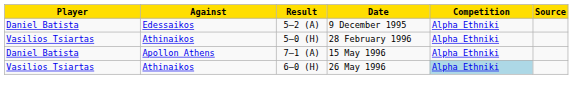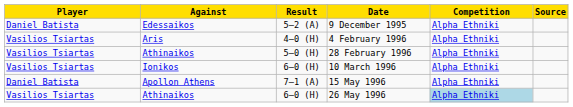 <table class="wikitable">
 <tr>
 <th width=200 style="background:#FFDE00">Player</th>
 <th width=200 style="background:#FFDE00">Against</th>
 <th width=70 style="background:#FFDE00">Result</th>
 <th width=150 style="background:#FFDE00">Date</th>
 <th width=150 style="background:#FFDE00">Competition</th>
 <th style="background:#FFDE00">Source</th>
 </tr>
 <tr>
 <td> <a href='#'>Daniel Batista</a></td>
 <td> <a href='#'>Edessaikos</a></td>
 <td align=center>5–2 (A)</td>
 <td>9 December 1995</td>
 <td><a href='#'>Alpha Ethniki</a></td>
 <td align=center></td>
 </tr>
 <tr>
 <td> <a href='#'>Vasilios Tsiartas</a></td>
+<td> <a href='#'>Aris</a></td>
+<td align=center>4–0 (H)</td>
+<td>4 February 1996</td>
+<td><a href='#'>Alpha Ethniki</a></td>
+<td align=center></td>
+</tr>
+<tr>
+<td> <a href='#'>Vasilios Tsiartas</a></td>
 <td> <a href='#'>Athinaikos</a></td>
 <td align=center>5–0 (H)</td>
 <td>28 February 1996</td>
+<td><a href='#'>Alpha Ethniki</a></td>
+<td align=center></td>
+</tr>
+<tr>
+<td> <a href='#'>Vasilios Tsiartas</a></td>
+<td> <a href='#'>Ionikos</a></td>
+<td align=center>6–0 (H)</td>
+<td>10 March 1996</td>
 <td><a href='#'>Alpha Ethniki</a></td>
 <td align=center></td>
 </tr>
 <tr>
 <td> <a href='#'>Daniel Batista</a></td>
 <td> <a href='#'>Apollon Athens</a></td>
 <td align=center>7–1 (A)</td>
 <td>15 May 1996</td>
 <td><a href='#'>Alpha Ethniki</a></td>
 <td align=center></td>
 </tr>
 <tr>
 <td> <a href='#'>Vasilios Tsiartas</a></td>
 <td> <a href='#'>Athinaikos</a></td>
 <td align=center>6–0 (H)</td>
 <td>26 May 1996</td>
 <td style="background: lightblue;"><a href='#'>Alpha Ethniki</a></td>
 <td align=center></td>
 </tr>
 </table>
